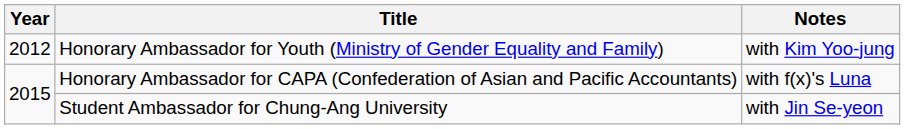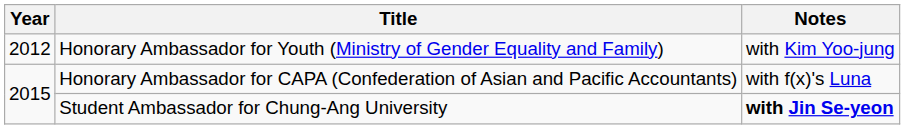 <table class="wikitable sortable">
 <tr>
 <th scope="col">Year</th>
 <th scope="col">Title</th>
 <th scope="col">Notes</th>
 </tr>
 <tr>
 <td>2012</td>
 <td>Honorary Ambassador for Youth (<a href='#'>Ministry of Gender Equality and Family</a>)</td>
 <td>with <a href='#'>Kim Yoo-jung</a></td>
 </tr>
 <tr>
 <td rowspan="2">2015</td>
 <td>Honorary Ambassador for CAPA (Confederation of Asian and Pacific Accountants)</td>
 <td>with f(x)'s <a href='#'>Luna</a></td>
 </tr>
 <tr>
 <td>Student Ambassador for Chung-Ang University</td>
-<td>with <a href='#'>Jin Se-yeon</a></td>
+<td><strong>with <a href='#'>Jin Se-yeon</a></strong></td>
 </tr>
 </table>
